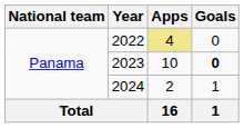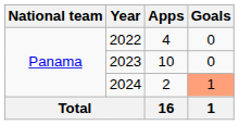 <table class="wikitable" style="text-align:center">
 <tr>
 <th>National team</th>
 <th>Year</th>
 <th>Apps</th>
 <th>Goals</th>
 </tr>
 <tr>
 <td rowspan=3><a href='#'>Panama</a></td>
 <td>2022</td>
-<td style="background: khaki;">4</td>
+<td>4</td>
 <td>0</td>
 </tr>
 <tr>
 <td>2023</td>
 <td>10</td>
-<td><strong>0</strong></td>
+<td>0</td>
 </tr>
 <tr>
 <td>2024</td>
 <td>2</td>
-<td>1</td>
+<td style="background: lightsalmon;">1</td>
 </tr>
 <tr>
 <th colspan=2>Total</th>
 <th>16</th>
 <th>1</th>
 </tr>
 </table>
